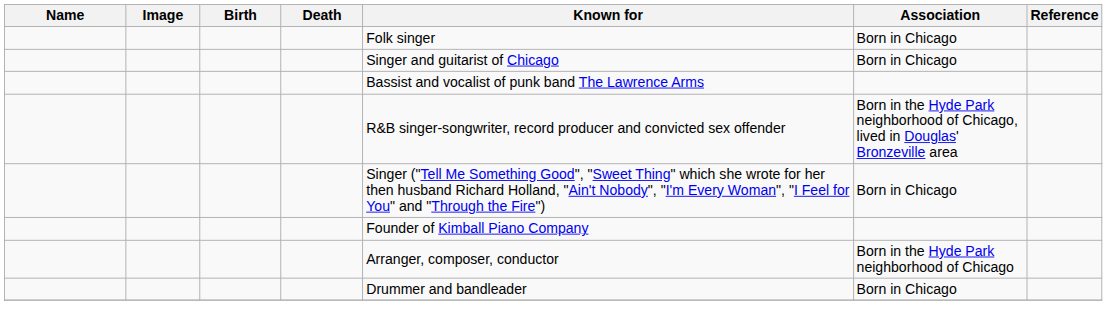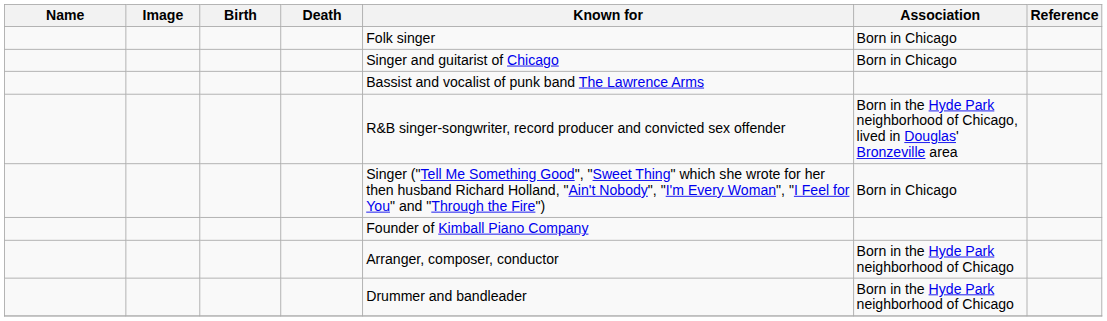 <table class="wikitable sortable">
 <tr>
 <th scope="col" width="140">Name</th>
 <th scope="col" width="80" class="unsortable">Image</th>
 <th scope="col" width="90">Birth</th>
 <th scope="col" width="90">Death</th>
 <th scope="col" width="600" class="unsortable">Known for</th>
 <th scope="col" width="200" class="unsortable">Association</th>
 <th scope="col" width="30" class="unsortable">Reference</th>
 </tr>
 <tr>
 <td></td>
 <td></td>
 <td align=right></td>
 <td></td>
 <td>Folk singer</td>
 <td>Born in Chicago</td>
 <td align="center"></td>
 </tr>
 <tr>
 <td></td>
 <td></td>
 <td align=right></td>
 <td align=right></td>
 <td>Singer and guitarist of <a href='#'>Chicago</a></td>
 <td>Born in Chicago</td>
 <td align="center"></td>
 </tr>
 <tr>
 <td></td>
 <td></td>
 <td align=right></td>
 <td></td>
 <td>Bassist and vocalist of punk band <a href='#'>The Lawrence Arms</a></td>
 <td></td>
 <td align="center"></td>
 </tr>
 <tr>
 <td></td>
 <td></td>
 <td align=right></td>
 <td></td>
 <td>R&B singer-songwriter, record producer and convicted sex offender</td>
 <td>Born in the <a href='#'>Hyde Park</a> neighborhood of Chicago, lived in <a href='#'>Douglas</a>' <a href='#'>Bronzeville</a> area</td>
 <td align="center"></td>
 </tr>
 <tr>
 <td></td>
 <td></td>
 <td align=right></td>
 <td></td>
 <td>Singer ("<a href='#'>Tell Me Something Good</a>", "<a href='#'>Sweet Thing</a>" which she wrote for her then husband Richard Holland, "<a href='#'>Ain't Nobody</a>", "<a href='#'>I'm Every Woman</a>", "<a href='#'>I Feel for You</a>" and "<a href='#'>Through the Fire</a>")</td>
 <td>Born in Chicago</td>
 <td align="center"></td>
 </tr>
 <tr>
 <td></td>
 <td></td>
 <td align=right></td>
 <td align=right></td>
 <td>Founder of <a href='#'>Kimball Piano Company</a></td>
 <td></td>
 <td align="center"></td>
 </tr>
 <tr>
 <td></td>
 <td></td>
 <td align=right></td>
 <td align=right></td>
 <td>Arranger, composer, conductor</td>
 <td>Born in the <a href='#'>Hyde Park</a> neighborhood of Chicago</td>
 <td align="center"></td>
 </tr>
 <tr>
 <td></td>
 <td></td>
 <td align=right></td>
 <td align=right></td>
 <td>Drummer and bandleader</td>
-<td>Born in Chicago</td>
+<td>Born in the <a href='#'>Hyde Park</a> neighborhood of Chicago</td>
 <td align="center"></td>
 </tr>
 <tr>
 </tr>
 </table>
